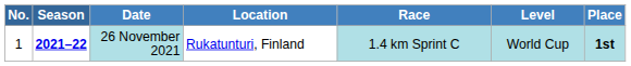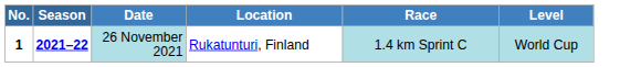 <table class="wikitable sortable" style="font-size:95%; text-align:center; border:grey solid 1px; border-collapse:collapse; background:#ffffff;">
 <tr style="background:#efefef;">
 <th style="background-color:#369; color:white;">No.</th>
 <th style="background-color:#369; color:white;">Season</th>
 <th style="background-color:#4180be; color:white; width:100px;">Date</th>
 <th style="background-color:#4180be; color:white; width:170px;">Location</th>
 <th style="background-color:#4180be; color:white; width:170px;">Race</th>
 <th style="background-color:#4180be; color:white; width:100px;">Level</th>
-<th style="background-color:#4180be; color:white;">Place</th>
 </tr>
 <tr>
-<td align=center>1</td>
+<td align=center><strong>1</strong></td>
 <td rowspan=1 align=center><strong><a href='#'>2021–22</a></strong></td>
 <td bgcolor="#BOEOE6" align=right>26 November 2021</td>
 <td align=left> <a href='#'>Rukatunturi</a>, Finland</td>
 <td bgcolor="#BOEOE6">1.4 km Sprint C</td>
 <td bgcolor="#BOEOE6">World Cup</td>
-<td bgcolor="#BOEOE6"><strong>1st</strong></td>
 </tr>
 </table>
